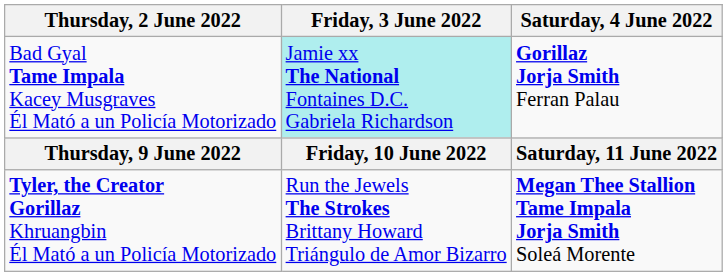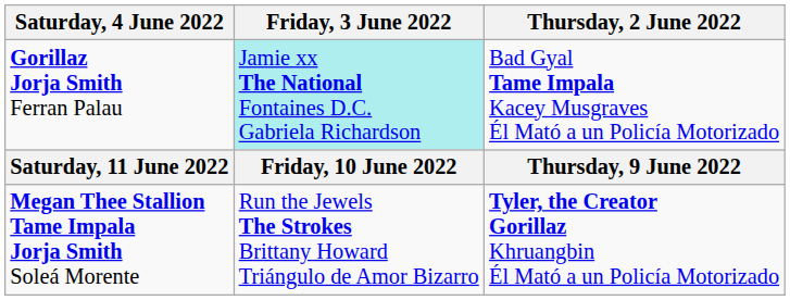 <table class="wikitable">
 <tr>
+<th>Saturday, 4 June 2022</th>
+<th>Friday, 3 June 2022</th>
 <th>Thursday, 2 June 2022</th>
-<th>Friday, 3 June 2022</th>
-<th>Saturday, 4 June 2022</th>
 </tr>
 <tr valign="top">
+<td><strong><a href='#'>Gorillaz</a></strong><br><strong><a href='#'>Jorja Smith</a></strong><br>Ferran Palau</td>
+<td style="background: paleturquoise;"><a href='#'>Jamie xx</a><br><strong><a href='#'>The National</a></strong><br><a href='#'>Fontaines D.C.</a><br><a href='#'>Gabriela Richardson</a></td>
 <td><a href='#'>Bad Gyal</a><br><strong><a href='#'>Tame Impala</a></strong><br><a href='#'>Kacey Musgraves</a><br><a href='#'>Él Mató a un Policía Motorizado</a></td>
-<td style="background: paleturquoise;"><a href='#'>Jamie xx</a><br><strong><a href='#'>The National</a></strong><br><a href='#'>Fontaines D.C.</a><br><a href='#'>Gabriela Richardson</a></td>
-<td><strong><a href='#'>Gorillaz</a></strong><br><strong><a href='#'>Jorja Smith</a></strong><br>Ferran Palau</td>
 </tr>
 <tr>
+<th>Saturday, 11 June 2022</th>
+<th>Friday, 10 June 2022</th>
 <th>Thursday, 9 June 2022</th>
-<th>Friday, 10 June 2022</th>
-<th>Saturday, 11 June 2022</th>
 </tr>
 <tr valign="top">
+<td><strong><a href='#'>Megan Thee Stallion</a></strong><br><strong><a href='#'>Tame Impala</a></strong><br><strong><a href='#'>Jorja Smith</a></strong><br>Soleá Morente</td>
+<td><a href='#'>Run the Jewels</a><br><strong><a href='#'>The Strokes</a></strong><br><a href='#'>Brittany Howard</a><br><a href='#'>Triángulo de Amor Bizarro</a></td>
 <td><strong><a href='#'>Tyler, the Creator</a></strong><br><strong><a href='#'>Gorillaz</a></strong><br><a href='#'>Khruangbin</a><br><a href='#'>Él Mató a un Policía Motorizado</a></td>
-<td><a href='#'>Run the Jewels</a><br><strong><a href='#'>The Strokes</a></strong><br><a href='#'>Brittany Howard</a><br><a href='#'>Triángulo de Amor Bizarro</a></td>
-<td><strong><a href='#'>Megan Thee Stallion</a></strong><br><strong><a href='#'>Tame Impala</a></strong><br><strong><a href='#'>Jorja Smith</a></strong><br>Soleá Morente</td>
 </tr>
 </table>
